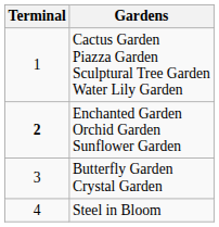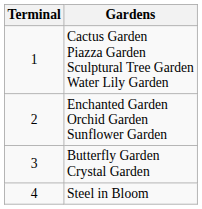 <table class="wikitable">
 <tr>
 <th>Terminal</th>
 <th>Gardens</th>
 </tr>
 <tr>
 <td align=center>1</td>
 <td>Cactus Garden <br> Piazza Garden <br> Sculptural Tree Garden <br> Water Lily Garden</td>
 </tr>
 <tr>
-<td align=center><strong>2</strong></td>
+<td align=center>2</td>
 <td>Enchanted Garden <br> Orchid Garden <br> Sunflower Garden</td>
 </tr>
 <tr>
 <td align=center>3</td>
 <td>Butterfly Garden <br> Crystal Garden</td>
 </tr>
 <tr>
 <td align=center>4</td>
 <td>Steel in Bloom</td>
 </tr>
 </table>
